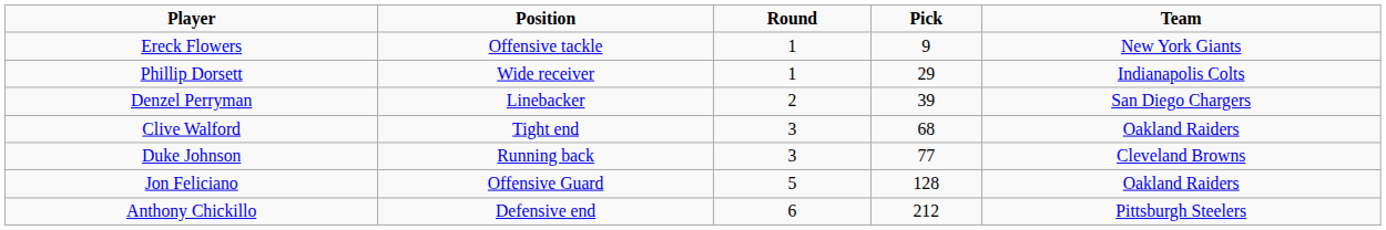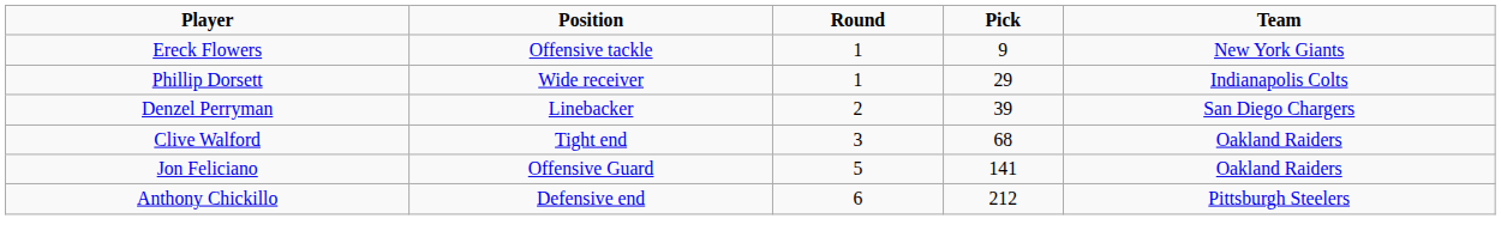 <table class="wikitable" style="width:80%;">
 <tr style="text-align:center; ">
 <td><strong>Player</strong></td>
 <td><strong>Position</strong></td>
 <td><strong>Round</strong></td>
 <td><strong>Pick</strong></td>
 <td><strong>Team</strong></td>
 </tr>
 <tr style="text-align:center;">
 <td><a href='#'>Ereck Flowers</a></td>
 <td><a href='#'>Offensive tackle</a></td>
 <td>1</td>
 <td>9</td>
 <td><a href='#'>New York Giants</a></td>
 </tr>
 <tr style="text-align:center;">
 <td><a href='#'>Phillip Dorsett</a></td>
 <td><a href='#'>Wide receiver</a></td>
 <td>1</td>
 <td>29</td>
 <td><a href='#'>Indianapolis Colts</a></td>
 </tr>
 <tr style="text-align:center;">
 <td><a href='#'>Denzel Perryman</a></td>
 <td><a href='#'>Linebacker</a></td>
 <td>2</td>
 <td>39</td>
 <td><a href='#'>San Diego Chargers</a></td>
 </tr>
 <tr style="text-align:center;">
 <td><a href='#'>Clive Walford</a></td>
 <td><a href='#'>Tight end</a></td>
 <td>3</td>
 <td>68</td>
 <td><a href='#'>Oakland Raiders</a></td>
 </tr>
 <tr style="text-align:center;">
-<td><a href='#'>Duke Johnson</a></td>
-<td><a href='#'>Running back</a></td>
-<td>3</td>
-<td>77</td>
-<td><a href='#'>Cleveland Browns</a></td>
-</tr>
-<tr style="text-align:center;">
 <td><a href='#'>Jon Feliciano</a></td>
 <td><a href='#'>Offensive Guard</a></td>
 <td>5</td>
-<td>128</td>
+<td>141</td>
 <td><a href='#'>Oakland Raiders</a></td>
 </tr>
 <tr style="text-align:center;">
 <td><a href='#'>Anthony Chickillo</a></td>
 <td><a href='#'>Defensive end</a></td>
 <td>6</td>
 <td>212</td>
 <td><a href='#'>Pittsburgh Steelers</a></td>
 </tr>
 </table>
